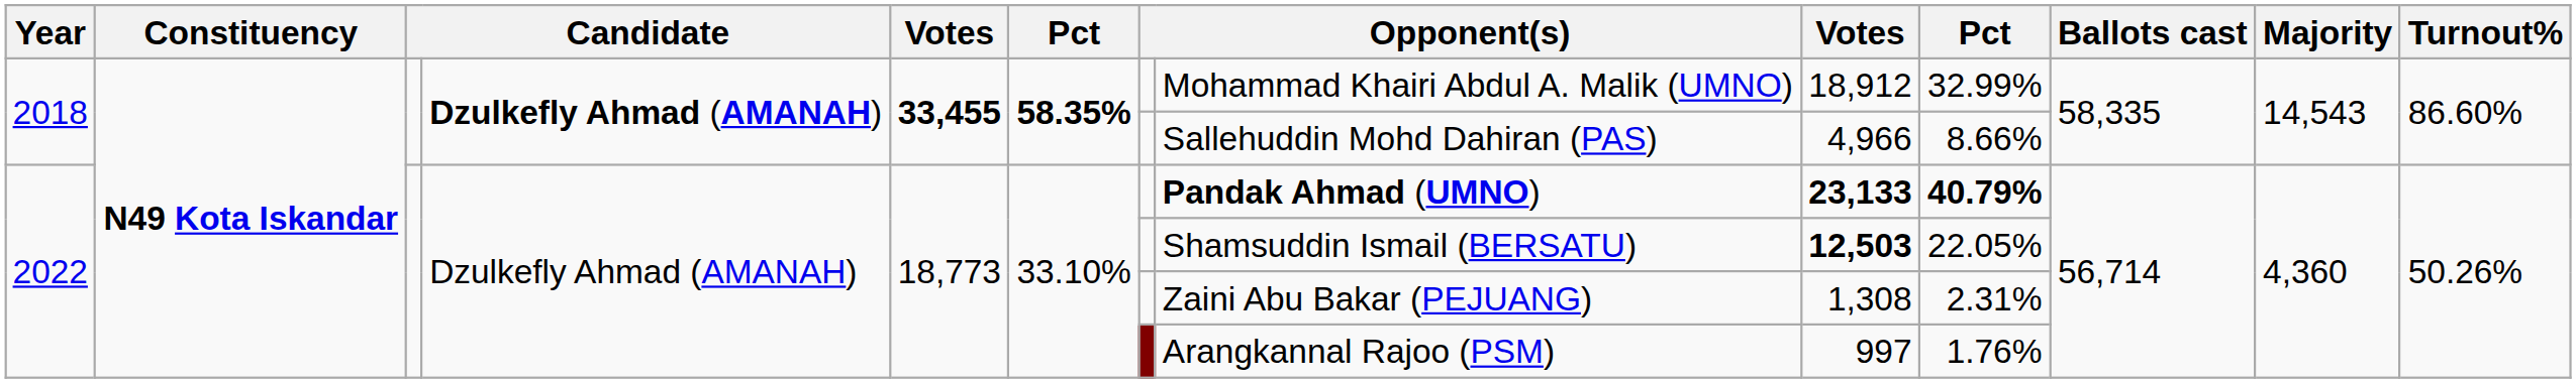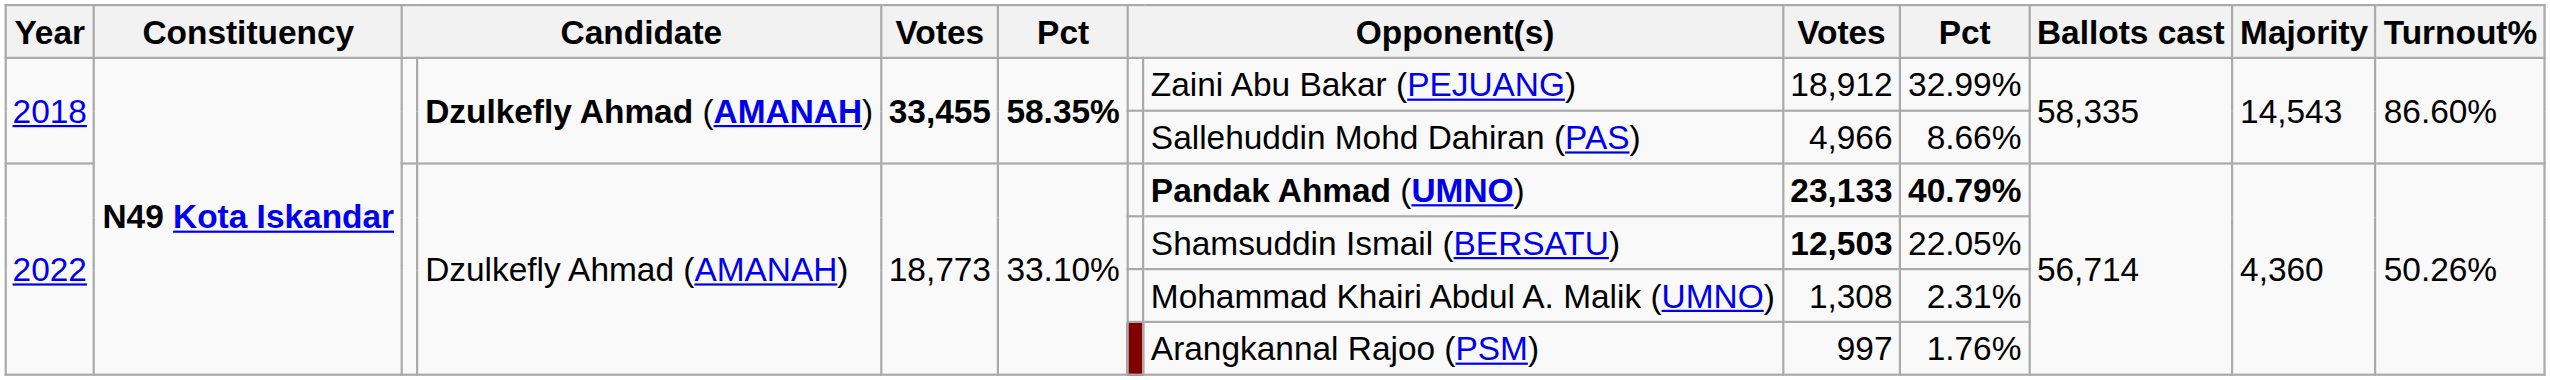 <table class="wikitable" style="margin:0.5em ; font-size:95%">
 <tr>
 <th>Year</th>
 <th>Constituency</th>
 <th colspan=2>Candidate</th>
 <th>Votes</th>
 <th>Pct</th>
 <th colspan=2>Opponent(s)</th>
 <th>Votes</th>
 <th>Pct</th>
 <th>Ballots cast</th>
 <th>Majority</th>
 <th>Turnout%</th>
 </tr>
 <tr>
 <td rowspan=2><a href='#'>2018</a></td>
 <td rowspan="6"><strong>N49 <a href='#'>Kota Iskandar</a></strong></td>
 <td rowspan=2 ></td>
 <td rowspan=2><strong>Dzulkefly Ahmad</strong> (<a href='#'><strong>AMANAH</strong></a>)</td>
 <td rowspan=2 align="right"><strong>33,455</strong></td>
 <td rowspan=2><strong>58.35%</strong></td>
 <td></td>
-<td>Mohammad Khairi Abdul A. Malik (<a href='#'>UMNO</a>)</td>
+<td>Zaini Abu Bakar (<a href='#'>PEJUANG</a>)</td>
 <td align="right">18,912</td>
 <td>32.99%</td>
 <td rowspan=2>58,335</td>
 <td rowspan=2>14,543</td>
 <td rowspan=2>86.60%</td>
 </tr>
 <tr>
 <td></td>
 <td>Sallehuddin Mohd Dahiran (<a href='#'>PAS</a>)</td>
 <td align="right">4,966</td>
 <td align=right>8.66%</td>
 </tr>
 <tr>
 <td rowspan="4"><a href='#'>2022</a></td>
 <td rowspan="4" ></td>
 <td rowspan="4">Dzulkefly Ahmad (<a href='#'>AMANAH</a>)</td>
 <td rowspan="4" align=right>18,773</td>
 <td rowspan="4">33.10%</td>
 <td></td>
 <td><strong>Pandak Ahmad</strong> (<a href='#'><strong>UMNO</strong></a>)</td>
 <td align=right><strong>23,133</strong></td>
 <td><strong>40.79%</strong></td>
 <td rowspan="4">56,714</td>
 <td rowspan="4">4,360</td>
 <td rowspan="4">50.26%</td>
 </tr>
 <tr>
 <td></td>
 <td>Shamsuddin Ismail (<a href='#'>BERSATU</a>)</td>
 <td align=right><strong>12,503</strong></td>
 <td>22.05%</td>
 </tr>
 <tr>
 <td></td>
-<td>Zaini Abu Bakar (<a href='#'>PEJUANG</a>)</td>
+<td>Mohammad Khairi Abdul A. Malik (<a href='#'>UMNO</a>)</td>
 <td align=right>1,308</td>
 <td align=right>2.31%</td>
 </tr>
 <tr>
 <td bgcolor=maroon></td>
 <td>Arangkannal Rajoo (<a href='#'>PSM</a>)</td>
 <td align=right>997</td>
 <td align=right>1.76%</td>
 </tr>
 </table>
